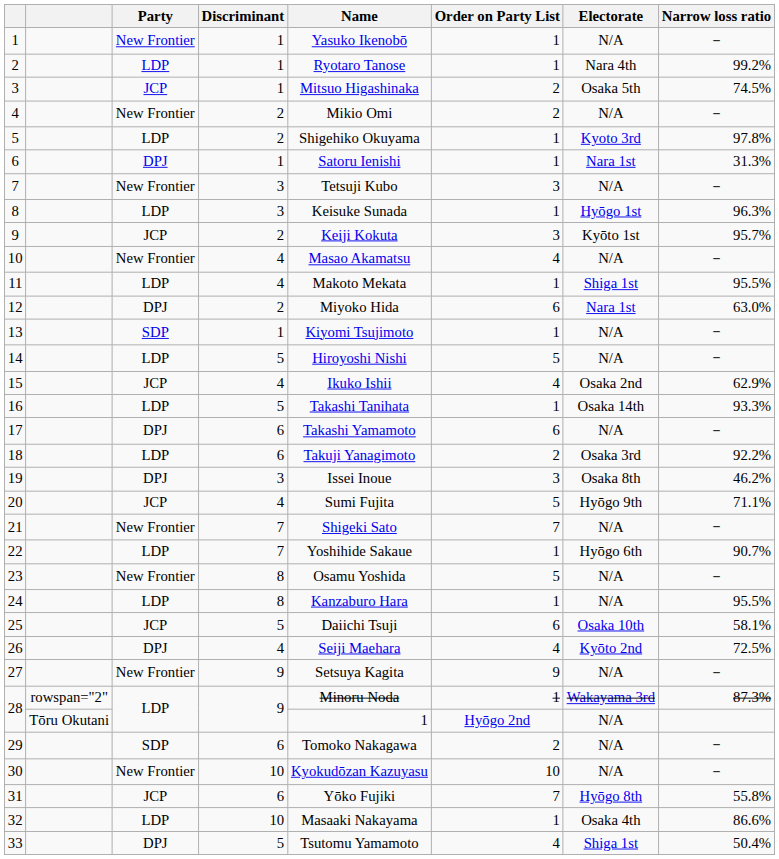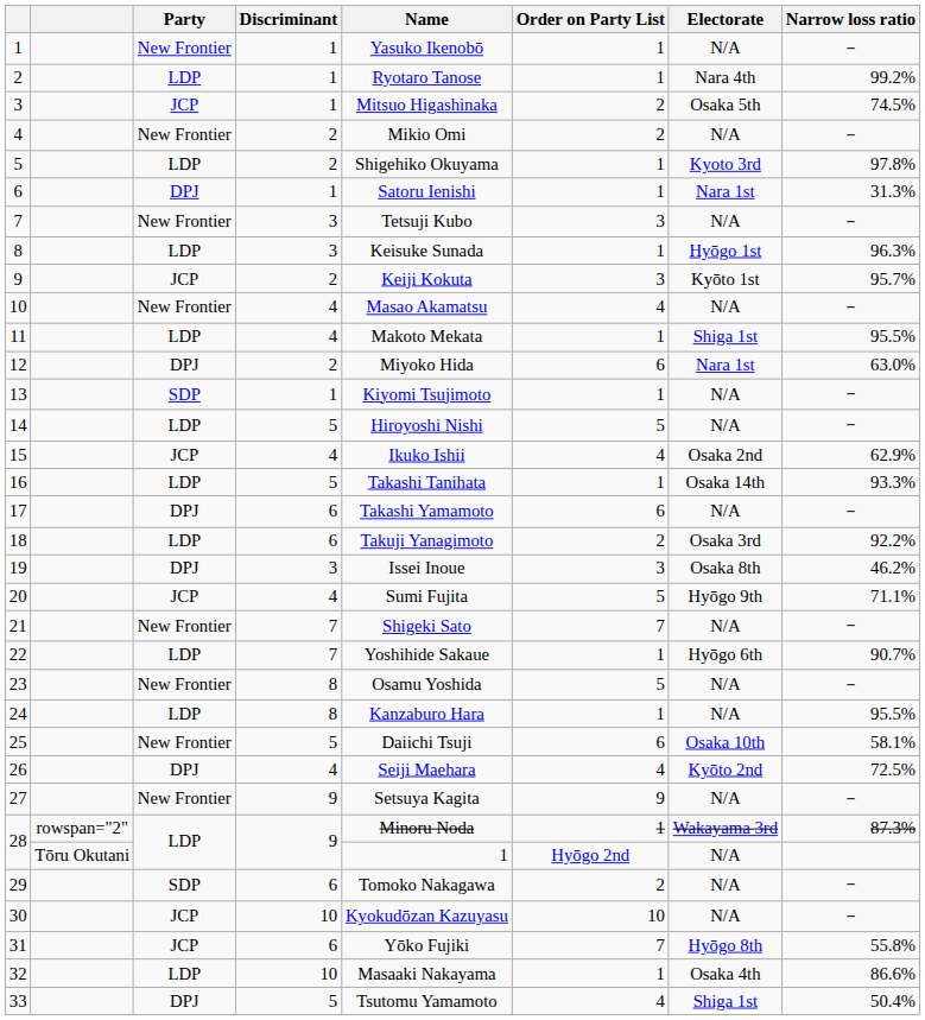 <table class="wikitable sortable" style="text-align:center;">
 <tr>
 <th></th>
 <th></th>
 <th>Party</th>
 <th>Discriminant</th>
 <th>Name</th>
 <th>Order on Party List</th>
 <th>Electorate</th>
 <th>Narrow loss ratio</th>
 </tr>
 <tr>
 <td>1</td>
 <td></td>
 <td><a href='#'>New Frontier</a></td>
 <td style="text-align: right;">1</td>
 <td><a href='#'>Yasuko Ikenobō</a></td>
 <td style="text-align: right;">1</td>
 <td>N/A</td>
 <td>－</td>
 </tr>
 <tr>
 <td>2</td>
 <td></td>
 <td><a href='#'>LDP</a></td>
 <td style="text-align: right;">1</td>
 <td><a href='#'>Ryotaro Tanose</a></td>
 <td style="text-align: right;">1</td>
 <td>Nara 4th</td>
 <td style="text-align: right;">99.2%</td>
 </tr>
 <tr>
 <td>3</td>
 <td></td>
 <td><a href='#'>JCP</a></td>
 <td style="text-align: right;">1</td>
 <td><a href='#'>Mitsuo Higashinaka</a></td>
 <td style="text-align: right;">2</td>
 <td>Osaka 5th</td>
 <td style="text-align: right;">74.5%</td>
 </tr>
 <tr>
 <td>4</td>
 <td></td>
 <td>New Frontier</td>
 <td style="text-align: right;">2</td>
 <td>Mikio Omi</td>
 <td style="text-align: right;">2</td>
 <td>N/A</td>
 <td>－</td>
 </tr>
 <tr>
 <td>5</td>
 <td></td>
 <td>LDP</td>
 <td style="text-align: right;">2</td>
 <td>Shigehiko Okuyama</td>
 <td style="text-align: right;">1</td>
 <td><a href='#'>Kyoto 3rd</a></td>
 <td style="text-align: right;">97.8%</td>
 </tr>
 <tr>
 <td>6</td>
 <td></td>
 <td><a href='#'>DPJ</a></td>
 <td style="text-align: right;">1</td>
 <td><a href='#'>Satoru Ienishi</a></td>
 <td style="text-align: right;">1</td>
 <td><a href='#'>Nara 1st</a></td>
 <td style="text-align: right;">31.3%</td>
 </tr>
 <tr>
 <td>7</td>
 <td></td>
 <td>New Frontier</td>
 <td style="text-align: right;">3</td>
 <td>Tetsuji Kubo</td>
 <td style="text-align: right;">3</td>
 <td>N/A</td>
 <td>－</td>
 </tr>
 <tr>
 <td>8</td>
 <td></td>
 <td>LDP</td>
 <td style="text-align: right;">3</td>
 <td>Keisuke Sunada</td>
 <td style="text-align: right;">1</td>
 <td><a href='#'>Hyōgo 1st</a></td>
 <td style="text-align: right;">96.3%</td>
 </tr>
 <tr>
 <td>9</td>
 <td></td>
 <td>JCP</td>
 <td style="text-align: right;">2</td>
 <td><a href='#'>Keiji Kokuta</a></td>
 <td style="text-align: right;">3</td>
 <td>Kyōto 1st</td>
 <td style="text-align: right;">95.7%</td>
 </tr>
 <tr>
 <td>10</td>
 <td></td>
 <td>New Frontier</td>
 <td style="text-align: right;">4</td>
 <td><a href='#'>Masao Akamatsu</a></td>
 <td style="text-align: right;">4</td>
 <td>N/A</td>
 <td>－</td>
 </tr>
 <tr>
 <td>11</td>
 <td></td>
 <td>LDP</td>
 <td style="text-align: right;">4</td>
 <td>Makoto Mekata</td>
 <td style="text-align: right;">1</td>
 <td><a href='#'>Shiga 1st</a></td>
 <td style="text-align: right;">95.5%</td>
 </tr>
 <tr>
 <td>12</td>
 <td></td>
 <td>DPJ</td>
 <td style="text-align: right;">2</td>
 <td>Miyoko Hida</td>
 <td style="text-align: right;">6</td>
 <td><a href='#'>Nara 1st</a></td>
 <td style="text-align: right;">63.0%</td>
 </tr>
 <tr>
 <td>13</td>
 <td></td>
 <td><a href='#'>SDP</a></td>
 <td style="text-align: right;">1</td>
 <td><a href='#'>Kiyomi Tsujimoto</a></td>
 <td style="text-align: right;">1</td>
 <td>N/A</td>
 <td>－</td>
 </tr>
 <tr>
 <td>14</td>
 <td></td>
 <td>LDP</td>
 <td style="text-align: right;">5</td>
 <td><a href='#'>Hiroyoshi Nishi</a></td>
 <td style="text-align: right;">5</td>
 <td>N/A</td>
 <td>－</td>
 </tr>
 <tr>
 <td>15</td>
 <td></td>
 <td>JCP</td>
 <td style="text-align: right;">4</td>
 <td><a href='#'>Ikuko Ishii</a></td>
 <td style="text-align: right;">4</td>
 <td>Osaka 2nd</td>
 <td style="text-align: right;">62.9%</td>
 </tr>
 <tr>
 <td>16</td>
 <td></td>
 <td>LDP</td>
 <td style="text-align: right;">5</td>
 <td><a href='#'>Takashi Tanihata</a></td>
 <td style="text-align: right;">1</td>
 <td>Osaka 14th</td>
 <td style="text-align: right;">93.3%</td>
 </tr>
 <tr>
 <td>17</td>
 <td></td>
 <td>DPJ</td>
 <td style="text-align: right;">6</td>
 <td><a href='#'>Takashi Yamamoto</a></td>
 <td style="text-align: right;">6</td>
 <td>N/A</td>
 <td>－</td>
 </tr>
 <tr>
 <td>18</td>
 <td></td>
 <td>LDP</td>
 <td style="text-align: right;">6</td>
 <td><a href='#'>Takuji Yanagimoto</a></td>
 <td style="text-align: right;">2</td>
 <td>Osaka 3rd</td>
 <td style="text-align: right;">92.2%</td>
 </tr>
 <tr>
 <td>19</td>
 <td></td>
 <td>DPJ</td>
 <td style="text-align: right;">3</td>
 <td>Issei Inoue</td>
 <td style="text-align: right;">3</td>
 <td>Osaka 8th</td>
 <td style="text-align: right;">46.2%</td>
 </tr>
 <tr>
 <td>20</td>
 <td></td>
 <td>JCP</td>
 <td style="text-align: right;">4</td>
 <td>Sumi Fujita</td>
 <td style="text-align: right;">5</td>
 <td>Hyōgo 9th</td>
 <td style="text-align: right;">71.1%</td>
 </tr>
 <tr>
 <td>21</td>
 <td></td>
 <td>New Frontier</td>
 <td style="text-align: right;">7</td>
 <td><a href='#'>Shigeki Sato</a></td>
 <td style="text-align: right;">7</td>
 <td>N/A</td>
 <td>－</td>
 </tr>
 <tr>
 <td>22</td>
 <td></td>
 <td>LDP</td>
 <td style="text-align: right;">7</td>
 <td>Yoshihide Sakaue</td>
 <td style="text-align: right;">1</td>
 <td>Hyōgo 6th</td>
 <td style="text-align: right;">90.7%</td>
 </tr>
 <tr>
 <td>23</td>
 <td></td>
 <td>New Frontier</td>
 <td style="text-align: right;">8</td>
 <td>Osamu Yoshida</td>
 <td style="text-align: right;">5</td>
 <td>N/A</td>
 <td>－</td>
 </tr>
 <tr>
 <td>24</td>
 <td></td>
 <td>LDP</td>
 <td style="text-align: right;">8</td>
 <td><a href='#'>Kanzaburo Hara</a></td>
 <td style="text-align: right;">1</td>
 <td>N/A</td>
 <td style="text-align: right;">95.5%</td>
 </tr>
 <tr>
 <td>25</td>
 <td></td>
-<td>JCP</td>
+<td>New Frontier</td>
 <td style="text-align: right;">5</td>
 <td>Daiichi Tsuji</td>
 <td style="text-align: right;">6</td>
 <td><a href='#'>Osaka 10th</a></td>
 <td style="text-align: right;">58.1%</td>
 </tr>
 <tr>
 <td>26</td>
 <td></td>
 <td>DPJ</td>
 <td style="text-align: right;">4</td>
 <td><a href='#'>Seiji Maehara</a></td>
 <td style="text-align: right;">4</td>
 <td><a href='#'>Kyōto 2nd</a></td>
 <td style="text-align: right;">72.5%</td>
 </tr>
 <tr>
 <td>27</td>
 <td></td>
 <td>New Frontier</td>
 <td style="text-align: right;">9</td>
 <td>Setsuya Kagita</td>
 <td style="text-align: right;">9</td>
 <td>N/A</td>
 <td>－</td>
 </tr>
 <tr>
 <td rowspan="2">28</td>
 <td>rowspan="2" </td>
 <td rowspan="2">LDP</td>
 <td rowspan="2" style="text-align: right;">9</td>
 <td><del>Minoru Noda</del></td>
 <td style="text-align: right;"><del>1</del></td>
 <td><del><a href='#'>Wakayama 3rd</a></del></td>
 <td style="text-align: right;"><del>87.3%</del></td>
 </tr>
 <tr>
 <td>Tōru Okutani</td>
 <td style="text-align: right;">1</td>
 <td><a href='#'>Hyōgo 2nd</a></td>
 <td>N/A</td>
 </tr>
 <tr>
 <td>29</td>
 <td></td>
 <td>SDP</td>
 <td style="text-align: right;">6</td>
 <td>Tomoko Nakagawa</td>
 <td style="text-align: right;">2</td>
 <td>N/A</td>
 <td>－</td>
 </tr>
 <tr>
 <td>30</td>
 <td></td>
-<td>New Frontier</td>
+<td>JCP</td>
 <td style="text-align: right;">10</td>
 <td><a href='#'>Kyokudōzan Kazuyasu</a></td>
 <td style="text-align: right;">10</td>
 <td>N/A</td>
 <td>－</td>
 </tr>
 <tr>
 <td>31</td>
 <td></td>
 <td>JCP</td>
 <td style="text-align: right;">6</td>
 <td>Yōko Fujiki</td>
 <td style="text-align: right;">7</td>
 <td><a href='#'>Hyōgo 8th</a></td>
 <td style="text-align: right;">55.8%</td>
 </tr>
 <tr>
 <td>32</td>
 <td></td>
 <td>LDP</td>
 <td style="text-align: right;">10</td>
 <td>Masaaki Nakayama</td>
 <td style="text-align: right;">1</td>
 <td>Osaka 4th</td>
 <td style="text-align: right;">86.6%</td>
 </tr>
 <tr>
 <td>33</td>
 <td></td>
 <td>DPJ</td>
 <td style="text-align: right;">5</td>
 <td>Tsutomu Yamamoto</td>
 <td style="text-align: right;">4</td>
 <td><a href='#'>Shiga 1st</a></td>
 <td style="text-align: right;">50.4%</td>
 </tr>
 </table>
